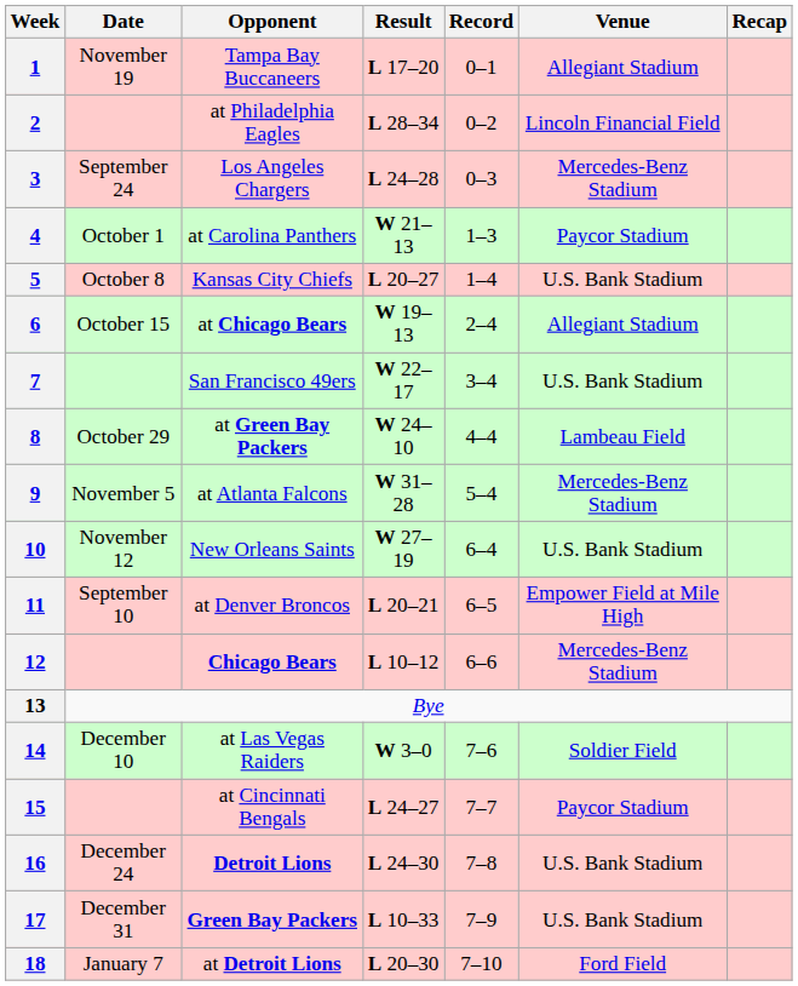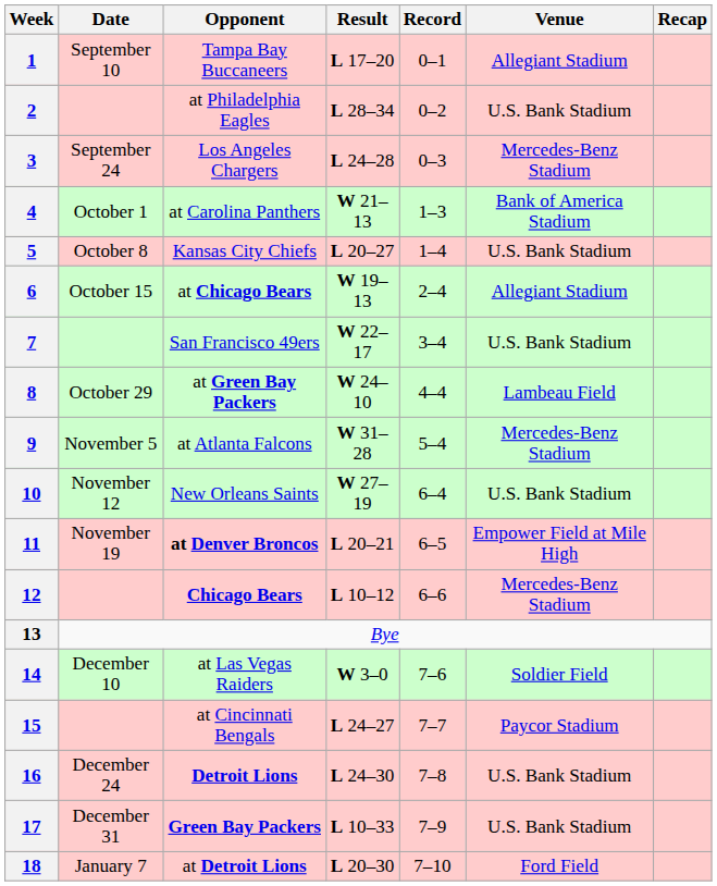 <table class="wikitable" style="text-align:center">
 <tr>
 <th>Week</th>
 <th>Date</th>
 <th>Opponent</th>
 <th>Result</th>
 <th>Record</th>
 <th>Venue</th>
 <th>Recap</th>
 </tr>
 <tr style="background:#fcc">
 <th><a href='#'>1</a></th>
-<td>November 19</td>
+<td>September 10</td>
 <td><a href='#'>Tampa Bay Buccaneers</a></td>
 <td><strong>L</strong> 17–20</td>
 <td>0–1</td>
 <td><a href='#'>Allegiant Stadium</a></td>
 <td></td>
 </tr>
 <tr style="background:#fcc">
 <th><a href='#'>2</a></th>
 <td></td>
 <td>at <a href='#'>Philadelphia Eagles</a></td>
 <td><strong>L</strong> 28–34</td>
 <td>0–2</td>
-<td><a href='#'>Lincoln Financial Field</a></td>
+<td>U.S. Bank Stadium</td>
 <td></td>
 </tr>
 <tr style="background:#fcc">
 <th><a href='#'>3</a></th>
 <td>September 24</td>
 <td><a href='#'>Los Angeles Chargers</a></td>
 <td><strong>L</strong> 24–28</td>
 <td>0–3</td>
 <td><a href='#'>Mercedes-Benz Stadium</a></td>
 <td></td>
 </tr>
 <tr style="background:#cfc">
 <th><a href='#'>4</a></th>
 <td>October 1</td>
 <td>at <a href='#'>Carolina Panthers</a></td>
 <td><strong>W</strong> 21–13</td>
 <td>1–3</td>
-<td><a href='#'>Paycor Stadium</a></td>
+<td><a href='#'>Bank of America Stadium</a></td>
 <td></td>
 </tr>
 <tr style="background:#fcc">
 <th><a href='#'>5</a></th>
 <td>October 8</td>
 <td><a href='#'>Kansas City Chiefs</a></td>
 <td><strong>L</strong> 20–27</td>
 <td>1–4</td>
 <td>U.S. Bank Stadium</td>
 <td></td>
 </tr>
 <tr style="background:#cfc">
 <th><a href='#'>6</a></th>
 <td>October 15</td>
 <td>at <strong><a href='#'>Chicago Bears</a></strong></td>
 <td><strong>W</strong> 19–13</td>
 <td>2–4</td>
 <td><a href='#'>Allegiant Stadium</a></td>
 <td></td>
 </tr>
 <tr style="background:#cfc">
 <th><a href='#'>7</a></th>
 <td></td>
 <td><a href='#'>San Francisco 49ers</a></td>
 <td><strong>W</strong> 22–17</td>
 <td>3–4</td>
 <td>U.S. Bank Stadium</td>
 <td></td>
 </tr>
 <tr style="background:#cfc">
 <th><a href='#'>8</a></th>
 <td>October 29</td>
 <td>at <strong><a href='#'>Green Bay Packers</a></strong></td>
 <td><strong>W</strong> 24–10</td>
 <td>4–4</td>
 <td><a href='#'>Lambeau Field</a></td>
 <td></td>
 </tr>
 <tr style="background:#cfc">
 <th><a href='#'>9</a></th>
 <td>November 5</td>
 <td>at <a href='#'>Atlanta Falcons</a></td>
 <td><strong>W</strong> 31–28</td>
 <td>5–4</td>
 <td><a href='#'>Mercedes-Benz Stadium</a></td>
 <td></td>
 </tr>
 <tr style="background:#cfc">
 <th><a href='#'>10</a></th>
 <td>November 12</td>
 <td><a href='#'>New Orleans Saints</a></td>
 <td><strong>W</strong> 27–19</td>
 <td>6–4</td>
 <td>U.S. Bank Stadium</td>
 <td></td>
 </tr>
 <tr style="background:#fcc">
 <th><a href='#'>11</a></th>
-<td>September 10</td>
-<td>at <a href='#'>Denver Broncos</a></td>
+<td>November 19</td>
+<td><strong>at <a href='#'>Denver Broncos</a></strong></td>
 <td><strong>L</strong> 20–21</td>
 <td>6–5</td>
 <td><a href='#'>Empower Field at Mile High</a></td>
 <td></td>
 </tr>
 <tr style="background:#fcc">
 <th><a href='#'>12</a></th>
 <td></td>
 <td><strong><a href='#'>Chicago Bears</a></strong></td>
 <td><strong>L</strong> 10–12</td>
 <td>6–6</td>
 <td><a href='#'>Mercedes-Benz Stadium</a></td>
 <td></td>
 </tr>
 <tr>
 <th>13</th>
 <td colspan="6"><em><a href='#'>Bye</a></em></td>
 </tr>
 <tr style="background:#cfc">
 <th><a href='#'>14</a></th>
 <td>December 10</td>
 <td>at <a href='#'>Las Vegas Raiders</a></td>
 <td><strong>W</strong> 3–0</td>
 <td>7–6</td>
 <td><a href='#'>Soldier Field</a></td>
 <td></td>
 </tr>
 <tr style="background:#fcc">
 <th><a href='#'>15</a></th>
 <td></td>
 <td>at <a href='#'>Cincinnati Bengals</a></td>
 <td><strong>L</strong> 24–27 </td>
 <td>7–7</td>
 <td><a href='#'>Paycor Stadium</a></td>
 <td></td>
 </tr>
 <tr style="background:#fcc">
 <th><a href='#'>16</a></th>
 <td>December 24</td>
 <td><strong><a href='#'>Detroit Lions</a></strong></td>
 <td><strong>L</strong> 24–30</td>
 <td>7–8</td>
 <td>U.S. Bank Stadium</td>
 <td></td>
 </tr>
 <tr style="background:#fcc">
 <th><a href='#'>17</a></th>
 <td>December 31</td>
 <td><strong><a href='#'>Green Bay Packers</a></strong></td>
 <td><strong>L</strong> 10–33</td>
 <td>7–9</td>
 <td>U.S. Bank Stadium</td>
 <td></td>
 </tr>
 <tr style="background:#fcc">
 <th><a href='#'>18</a></th>
 <td>January 7</td>
 <td>at <strong><a href='#'>Detroit Lions</a></strong></td>
 <td><strong>L</strong> 20–30</td>
 <td>7–10</td>
 <td><a href='#'>Ford Field</a></td>
 <td></td>
 </tr>
 </table>
